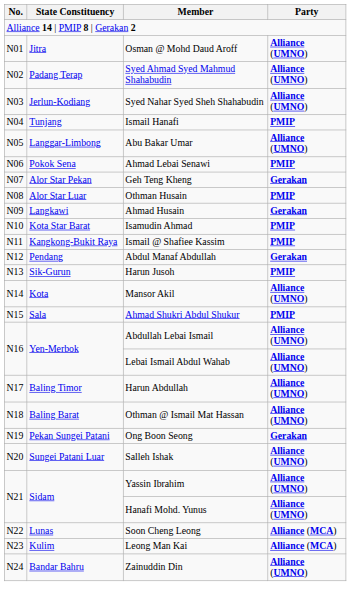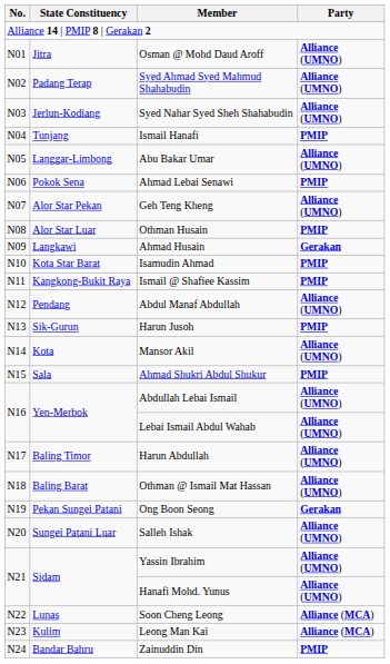 <table class="wikitable sortable">
 <tr>
 <th style="width:30px;">No.</th>
 <th style="width:150px;">State Constituency</th>
 <th style="width:230px;">Member</th>
 <th style="width:120px;">Party</th>
 </tr>
 <tr>
 <td colspan="4"><a href='#'>Alliance</a> <strong>14</strong> | <a href='#'>PMIP</a> <strong>8</strong> | <a href='#'>Gerakan</a> <strong>2</strong></td>
 </tr>
 <tr>
 <td>N01</td>
 <td><a href='#'>Jitra</a></td>
 <td>Osman @ Mohd Daud Aroff</td>
 <td><strong><a href='#'>Alliance</a></strong> (<strong><a href='#'>UMNO</a></strong>)</td>
 </tr>
 <tr>
 <td>N02</td>
 <td><a href='#'>Padang Terap</a></td>
 <td><a href='#'>Syed Ahmad Syed Mahmud Shahabudin</a></td>
 <td><strong><a href='#'>Alliance</a></strong> (<strong><a href='#'>UMNO</a></strong>)</td>
 </tr>
 <tr>
 <td>N03</td>
 <td><a href='#'>Jerlun-Kodiang</a></td>
 <td>Syed Nahar Syed Sheh Shahabudin</td>
 <td><strong><a href='#'>Alliance</a></strong> (<strong><a href='#'>UMNO</a></strong>)</td>
 </tr>
 <tr>
 <td>N04</td>
 <td><a href='#'>Tunjang</a></td>
 <td>Ismail Hanafi</td>
 <td><strong><a href='#'>PMIP</a></strong></td>
 </tr>
 <tr>
 <td>N05</td>
 <td><a href='#'>Langgar-Limbong</a></td>
 <td>Abu Bakar Umar</td>
 <td><strong><a href='#'>Alliance</a></strong> (<strong><a href='#'>UMNO</a></strong>)</td>
 </tr>
 <tr>
 <td>N06</td>
 <td><a href='#'>Pokok Sena</a></td>
 <td>Ahmad Lebai Senawi</td>
 <td><strong><a href='#'>PMIP</a></strong></td>
 </tr>
 <tr>
 <td>N07</td>
 <td><a href='#'>Alor Star Pekan</a></td>
 <td>Geh Teng Kheng</td>
-<td><strong><a href='#'>Gerakan</a></strong></td>
+<td><strong><a href='#'>Alliance</a></strong> (<strong><a href='#'>UMNO</a></strong>)</td>
 </tr>
 <tr>
 <td>N08</td>
 <td><a href='#'>Alor Star Luar</a></td>
 <td>Othman Husain</td>
 <td><strong><a href='#'>PMIP</a></strong></td>
 </tr>
 <tr>
 <td>N09</td>
 <td><a href='#'>Langkawi</a></td>
 <td>Ahmad Husain</td>
 <td><strong><a href='#'>Gerakan</a></strong></td>
 </tr>
 <tr>
 <td>N10</td>
 <td><a href='#'>Kota Star Barat</a></td>
 <td>Isamudin Ahmad</td>
 <td><strong><a href='#'>PMIP</a></strong></td>
 </tr>
 <tr>
 <td>N11</td>
 <td><a href='#'>Kangkong-Bukit Raya</a></td>
 <td>Ismail @ Shafiee Kassim</td>
 <td><strong><a href='#'>PMIP</a></strong></td>
 </tr>
 <tr>
 <td>N12</td>
 <td><a href='#'>Pendang</a></td>
 <td>Abdul Manaf Abdullah</td>
-<td><strong><a href='#'>Gerakan</a></strong></td>
+<td><strong><a href='#'>Alliance</a></strong> (<strong><a href='#'>UMNO</a></strong>)</td>
 </tr>
 <tr>
 <td>N13</td>
 <td><a href='#'>Sik-Gurun</a></td>
 <td>Harun Jusoh</td>
 <td><strong><a href='#'>PMIP</a></strong></td>
 </tr>
 <tr>
 <td>N14</td>
 <td><a href='#'>Kota</a></td>
 <td>Mansor Akil</td>
 <td><strong><a href='#'>Alliance</a></strong> (<strong><a href='#'>UMNO</a></strong>)</td>
 </tr>
 <tr>
 <td>N15</td>
 <td><a href='#'>Sala</a></td>
 <td><a href='#'>Ahmad Shukri Abdul Shukur</a></td>
 <td><strong><a href='#'>PMIP</a></strong></td>
 </tr>
 <tr>
 <td rowspan=2>N16</td>
 <td rowspan=2><a href='#'>Yen-Merbok</a></td>
 <td>Abdullah Lebai Ismail </td>
 <td><strong><a href='#'>Alliance</a></strong> (<strong><a href='#'>UMNO</a></strong>)</td>
 </tr>
 <tr>
 <td>Lebai Ismail Abdul Wahab </td>
 <td><strong><a href='#'>Alliance</a></strong> (<strong><a href='#'>UMNO</a></strong>)</td>
 </tr>
 <tr>
 <td>N17</td>
 <td><a href='#'>Baling Timor</a></td>
 <td>Harun Abdullah</td>
 <td><strong><a href='#'>Alliance</a></strong> (<strong><a href='#'>UMNO</a></strong>)</td>
 </tr>
 <tr>
 <td>N18</td>
 <td><a href='#'>Baling Barat</a></td>
 <td>Othman @ Ismail Mat Hassan</td>
 <td><strong><a href='#'>Alliance</a></strong> (<strong><a href='#'>UMNO</a></strong>)</td>
 </tr>
 <tr>
 <td>N19</td>
 <td><a href='#'>Pekan Sungei Patani</a></td>
 <td>Ong Boon Seong</td>
 <td><strong><a href='#'>Gerakan</a></strong></td>
 </tr>
 <tr>
 <td>N20</td>
 <td><a href='#'>Sungei Patani Luar</a></td>
 <td>Salleh Ishak</td>
 <td><strong><a href='#'>Alliance</a></strong> (<strong><a href='#'>UMNO</a></strong>)</td>
 </tr>
 <tr>
 <td rowspan=2>N21</td>
 <td rowspan=2><a href='#'>Sidam</a></td>
 <td>Yassin Ibrahim </td>
 <td><strong><a href='#'>Alliance</a></strong> (<strong><a href='#'>UMNO</a></strong>)</td>
 </tr>
 <tr>
 <td>Hanafi Mohd. Yunus </td>
 <td><strong><a href='#'>Alliance</a></strong> (<strong><a href='#'>UMNO</a></strong>)</td>
 </tr>
 <tr>
 <td>N22</td>
 <td><a href='#'>Lunas</a></td>
 <td>Soon Cheng Leong</td>
 <td><strong><a href='#'>Alliance</a></strong> (<strong><a href='#'>MCA</a></strong>)</td>
 </tr>
 <tr>
 <td>N23</td>
 <td><a href='#'>Kulim</a></td>
 <td>Leong Man Kai</td>
 <td><strong><a href='#'>Alliance</a></strong> (<strong><a href='#'>MCA</a></strong>)</td>
 </tr>
 <tr>
 <td>N24</td>
 <td><a href='#'>Bandar Bahru</a></td>
 <td>Zainuddin Din</td>
-<td><strong><a href='#'>Alliance</a></strong> (<strong><a href='#'>UMNO</a></strong>)</td>
+<td><strong><a href='#'>PMIP</a></strong></td>
 </tr>
 </table>
